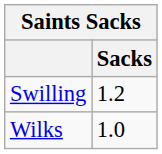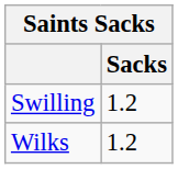 <table class="wikitable">
 <tr>
 <th colspan="2">Saints Sacks</th>
 </tr>
 <tr>
 <th></th>
 <th>Sacks</th>
 </tr>
 <tr>
 <td><a href='#'>Swilling</a></td>
 <td>1.2</td>
 </tr>
 <tr>
 <td><a href='#'>Wilks</a></td>
-<td>1.0</td>
+<td>1.2</td>
 </tr>
 </table>
